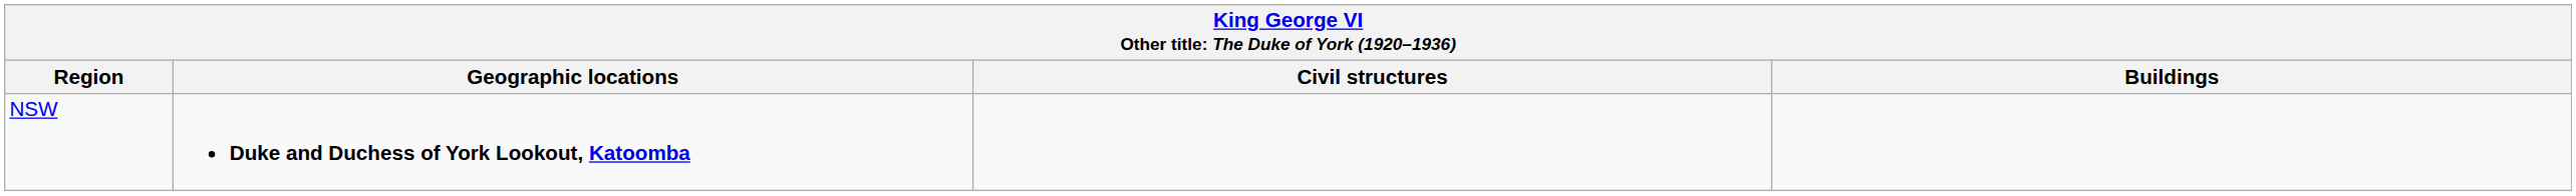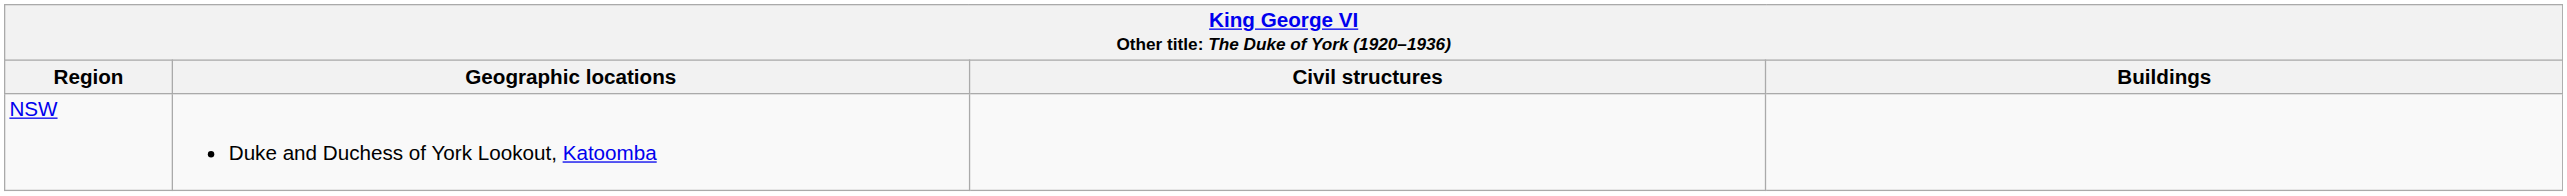 <table class="wikitable" width="100%">
 <tr>
 <th colspan="4"> <a href='#'>King George VI</a><br><small>Other title: <em>The Duke of York (1920–1936)</em></small></th>
 </tr>
 <tr>
 <th width="5%">Region</th>
 <th width="23.75%">Geographic locations</th>
 <th width="23.75%">Civil structures</th>
 <th width="23.75%">Buildings</th>
 </tr>
 <tr>
 <td align=left valign=top> <a href='#'>NSW</a></td>
-<td><strong><br><ul><li>Duke and Duchess of York Lookout, <a href='#'>Katoomba</a></li></ul></strong></td>
+<td><br><ul><li>Duke and Duchess of York Lookout, <a href='#'>Katoomba</a></li></ul></td>
 <td></td>
 <td></td>
 </tr>
 </table>
